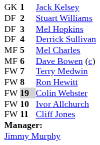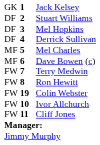 <table cellspacing="0" cellpadding="0" style="font-size:90%; margin:0.2em auto;">
 <tr>
 <th width="25"></th>
 <th width="25"></th>
 </tr>
 <tr>
 <td>GK</td>
 <td><strong>1</strong></td>
 <td><a href='#'>Jack Kelsey</a></td>
 </tr>
 <tr>
 <td>DF</td>
 <td><strong>2</strong></td>
 <td><a href='#'>Stuart Williams</a></td>
 </tr>
 <tr>
 <td>DF</td>
 <td><strong>3</strong></td>
 <td><a href='#'>Mel Hopkins</a></td>
 </tr>
 <tr>
 <td>DF</td>
 <td><strong>4</strong></td>
 <td><a href='#'>Derrick Sullivan</a></td>
 </tr>
 <tr>
 <td>MF</td>
 <td><strong>5</strong></td>
 <td><a href='#'>Mel Charles</a></td>
 </tr>
 <tr>
 <td>MF</td>
 <td><strong>6</strong></td>
 <td><a href='#'>Dave Bowen</a> (<a href='#'>c</a>)</td>
 </tr>
 <tr>
 <td>FW</td>
 <td><strong>7</strong></td>
 <td><a href='#'>Terry Medwin</a></td>
 </tr>
 <tr>
 <td>FW</td>
 <td><strong>8</strong></td>
 <td><a href='#'>Ron Hewitt</a></td>
 </tr>
 <tr>
 <td>FW</td>
-<td style="background: lightgrey;"><strong>19</strong></td>
+<td><strong>19</strong></td>
 <td><a href='#'>Colin Webster</a></td>
 </tr>
 <tr>
 <td>FW</td>
 <td><strong>10</strong></td>
 <td><a href='#'>Ivor Allchurch</a></td>
 </tr>
 <tr>
 <td>FW</td>
 <td><strong>11</strong></td>
 <td><a href='#'>Cliff Jones</a></td>
 </tr>
 <tr>
 <td colspan=3><strong>Manager:</strong></td>
 </tr>
 <tr>
 <td colspan=4><a href='#'>Jimmy Murphy</a></td>
 </tr>
 </table>
